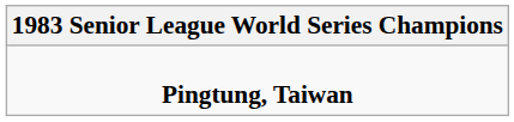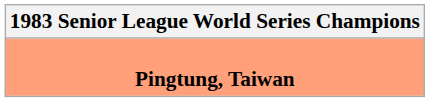 <table class="wikitable" style="text-align: center; margin: 0 auto;">
 <tr>
 <th>1983 Senior League World Series Champions</th>
 </tr>
 <tr>
-<td><br><strong>Pingtung, Taiwan</strong></td>
+<td style="background: lightsalmon;"><br><strong>Pingtung, Taiwan</strong></td>
 </tr>
 </table>
